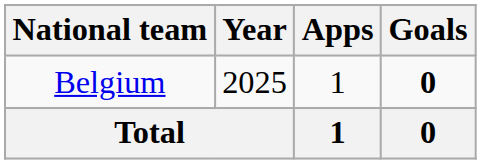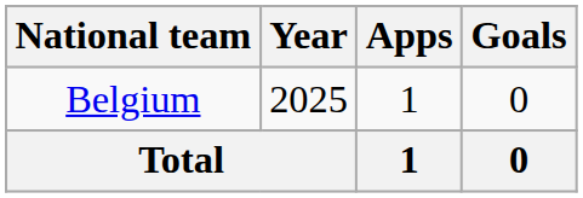 <table class=wikitable style=text-align:center>
 <tr>
 <th>National team</th>
 <th>Year</th>
 <th>Apps</th>
 <th>Goals</th>
 </tr>
 <tr>
 <td rowspan="1"><a href='#'>Belgium</a></td>
 <td>2025</td>
 <td>1</td>
-<td><strong>0</strong></td>
+<td>0</td>
 </tr>
 <tr>
 <th colspan="2">Total</th>
 <th>1</th>
 <th>0</th>
 </tr>
 </table>
